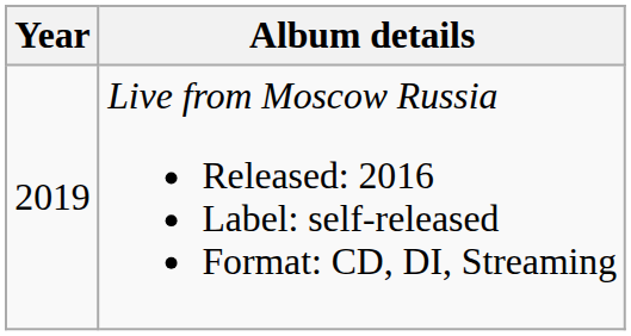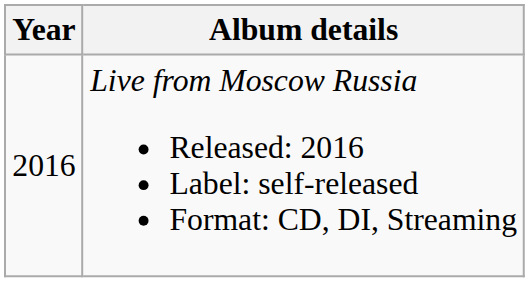 <table class="wikitable">
 <tr>
 <th>Year</th>
 <th>Album details</th>
 </tr>
 <tr>
-<td align="center">2019</td>
+<td align="center">2016</td>
 <td><em>Live from Moscow Russia</em><br><ul><li>Released: 2016</li><li>Label: self-released</li><li>Format: CD, DI, Streaming</li></ul></td>
 </tr>
 </table>
